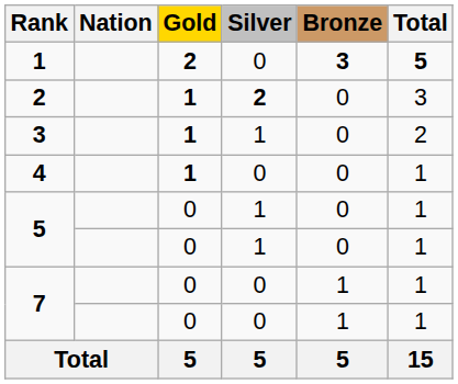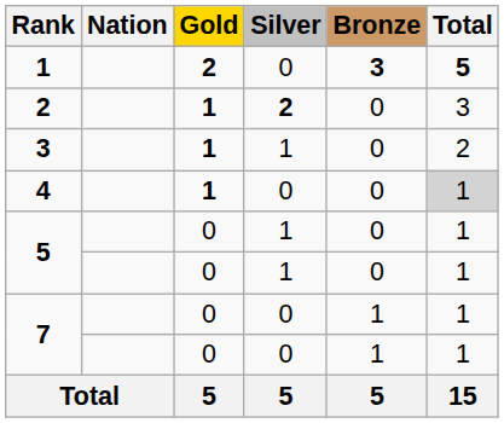 <table class="wikitable plainrowheaders" style="text-align:center;">
 <tr>
 <th>Rank</th>
 <th>Nation</th>
 <th style="background:    gold;">Gold</th>
 <th style="background:  silver;">Silver</th>
 <th style="background: #CC9966;">Bronze</th>
 <th>Total</th>
 </tr>
 <tr>
 <td><strong>1</strong></td>
 <td align=left></td>
 <td><strong>2</strong></td>
 <td>0</td>
 <td><strong>3</strong></td>
 <td><strong>5</strong></td>
 </tr>
 <tr>
 <td><strong>2</strong></td>
 <td align=left></td>
 <td><strong>1</strong></td>
 <td><strong>2</strong></td>
 <td>0</td>
 <td>3</td>
 </tr>
 <tr>
 <td><strong>3</strong></td>
 <td align=left></td>
 <td><strong>1</strong></td>
 <td>1</td>
 <td>0</td>
 <td>2</td>
 </tr>
 <tr>
 <td><strong>4</strong></td>
 <td align=left></td>
 <td><strong>1</strong></td>
 <td>0</td>
 <td>0</td>
-<td>1</td>
+<td style="background: lightgrey;">1</td>
 </tr>
 <tr>
 <td rowspan=2><strong>5</strong></td>
 <td align=left></td>
 <td>0</td>
 <td>1</td>
 <td>0</td>
 <td>1</td>
 </tr>
 <tr>
 <td align=left></td>
 <td>0</td>
 <td>1</td>
 <td>0</td>
 <td>1</td>
 </tr>
 <tr>
 <td rowspan=2><strong>7</strong></td>
 <td align=left></td>
 <td>0</td>
 <td>0</td>
 <td>1</td>
 <td>1</td>
 </tr>
 <tr>
 <td align=left></td>
 <td>0</td>
 <td>0</td>
 <td>1</td>
 <td>1</td>
 </tr>
 <tr>
 <th colspan=2>Total</th>
 <th>5</th>
 <th>5</th>
 <th>5</th>
 <th>15</th>
 </tr>
 </table>
